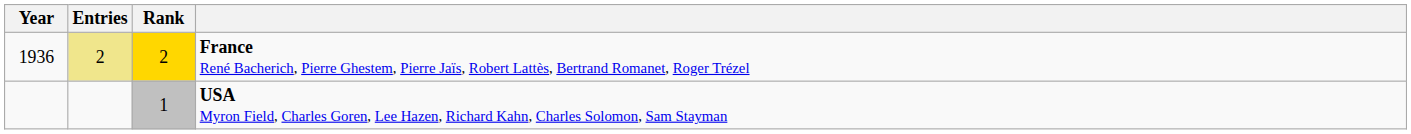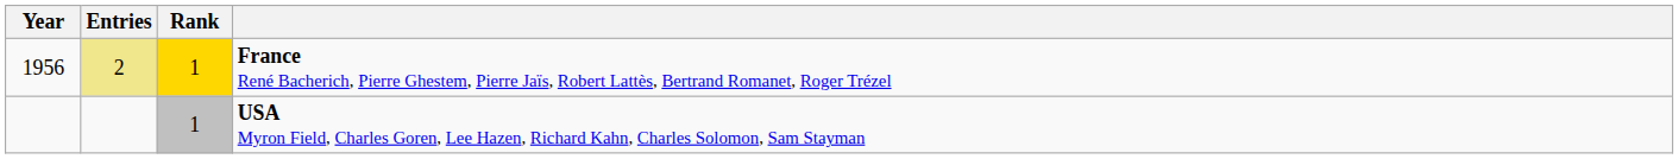 <table class="wikitable" style="width:100%; text-align:center;">
 <tr>
 <th>Year</th>
 <th>Entries</th>
 <th>Rank</th>
 <th></th>
 </tr>
 <tr>
-<td width=50>1936</td>
+<td width=50>1956</td>
 <td align=center width=50 style="background: khaki;">2</td>
-<td style="background:gold; width:50px;">2</td>
+<td style="background:gold; width:50px;">1</td>
 <td align=left> <strong>France</strong><br><small><a href='#'>René Bacherich</a>, <a href='#'>Pierre Ghestem</a>, <a href='#'>Pierre Jaïs</a>, <a href='#'>Robert Lattès</a>, <a href='#'>Bertrand Romanet</a>, <a href='#'>Roger Trézel</a></small></td>
 </tr>
 <tr>
 <td></td>
 <td></td>
 <td style="background:silver;">1</td>
 <td align=left> <strong>USA</strong><br><small><a href='#'>Myron Field</a>, <a href='#'>Charles Goren</a>, <a href='#'>Lee Hazen</a>, <a href='#'>Richard Kahn</a>, <a href='#'>Charles Solomon</a>, <a href='#'>Sam Stayman</a></small></td>
 </tr>
 </table>
